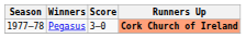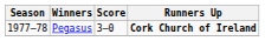 <table class="wikitable collapsible">
 <tr>
 <th>Season</th>
 <th>Winners</th>
 <th>Score</th>
 <th>Runners Up</th>
 </tr>
 <tr>
 <td>1977–78</td>
 <td><a href='#'>Pegasus</a></td>
 <td>3–0</td>
-<td style="background: lightsalmon;"><strong>Cork Church of Ireland</strong></td>
+<td><strong>Cork Church of Ireland</strong></td>
 </tr>
 <tr>
 </tr>
 </table>
